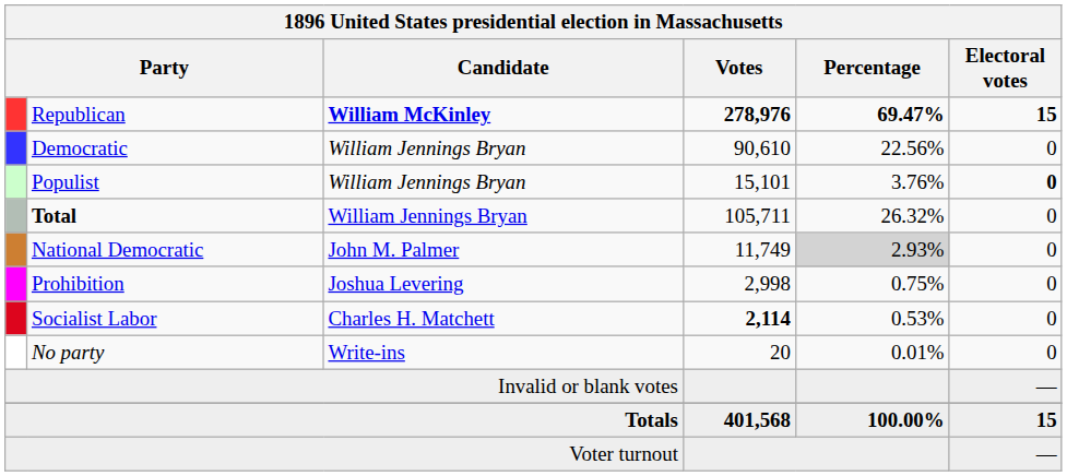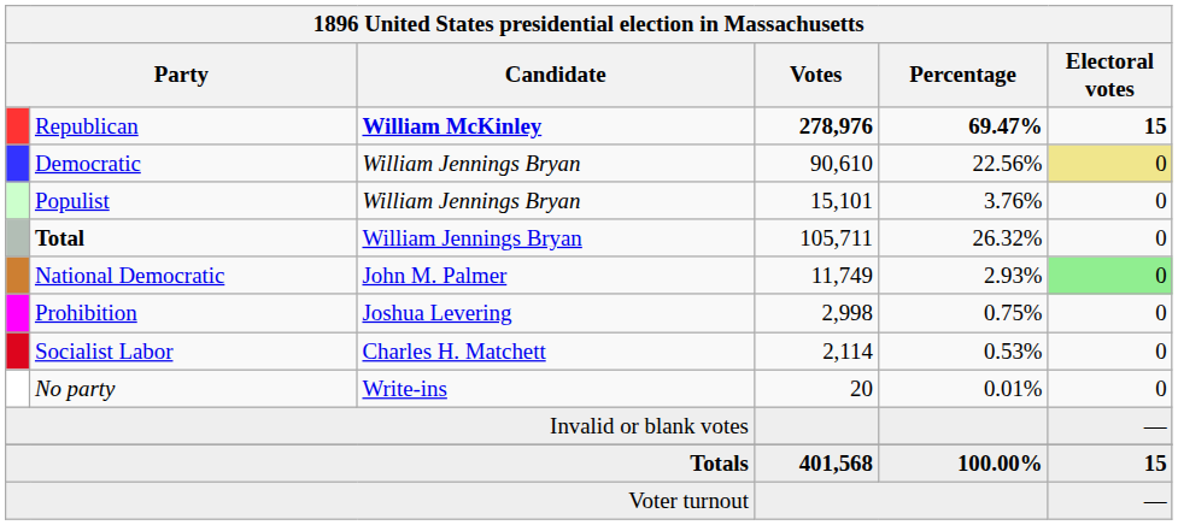 <table class="wikitable" style="font-size: 95%;">
 <tr>
 <th colspan="6">1896 United States presidential election in Massachusetts</th>
 </tr>
 <tr>
 <th colspan="2" style="width: 15em">Party</th>
 <th style="width: 17em">Candidate</th>
 <th style="width: 5em">Votes</th>
 <th style="width: 7em">Percentage</th>
 <th style="width: 5em">Electoral votes</th>
 </tr>
 <tr>
 <th style="background-color:#FF3333; width: 3px"></th>
 <td style="width: 130px"><a href='#'>Republican</a></td>
 <td><strong><a href='#'>William McKinley</a></strong></td>
 <td align="right"><strong>278,976</strong></td>
 <td align="right"><strong>69.47%</strong></td>
 <td align="right"><strong>15</strong></td>
 </tr>
 <tr>
 <th style="background-color:#3333FF; width: 3px"></th>
 <td style="width: 130px"><a href='#'>Democratic</a></td>
 <td><em>William Jennings Bryan</em></td>
 <td align="right">90,610</td>
 <td align="right">22.56%</td>
-<td align="right">0</td>
+<td align="right" style="background: khaki;">0</td>
 </tr>
 <tr>
 <th style="background-color:#CCFFCC; width: 3px"></th>
 <td style="width: 130px"><a href='#'>Populist</a></td>
 <td><em>William Jennings Bryan</em></td>
 <td align="right">15,101</td>
 <td align="right">3.76%</td>
-<td align="right"><strong>0</strong></td>
+<td align="right">0</td>
 </tr>
 <tr>
 <th style="background-color:#B2BEB5; width: 3px"></th>
 <td style="width: 130px"><strong> Total</strong></td>
 <td><a href='#'>William Jennings Bryan</a></td>
 <td align="right">105,711</td>
 <td align="right">26.32%</td>
 <td align="right">0</td>
 </tr>
 <tr>
 <th style="background-color:#CD7F32; width: 3px"></th>
 <td style="width: 130px"><a href='#'>National Democratic</a></td>
 <td><a href='#'>John M. Palmer</a></td>
 <td align="right">11,749</td>
-<td align="right" style="background: lightgrey;">2.93%</td>
-<td align="right">0</td>
+<td align="right">2.93%</td>
+<td align="right" style="background: lightgreen;">0</td>
 </tr>
 <tr>
 <th style="background-color:#FF00FF; width: 3px"></th>
 <td style="width: 130px"><a href='#'>Prohibition</a></td>
 <td><a href='#'>Joshua Levering</a></td>
 <td align="right">2,998</td>
 <td align="right">0.75%</td>
 <td align="right">0</td>
 </tr>
 <tr>
 <th style="background-color:#DD051D; width: 3px"></th>
 <td style="width: 130px"><a href='#'>Socialist Labor</a></td>
 <td><a href='#'>Charles H. Matchett</a></td>
-<td align="right"><strong>2,114</strong></td>
+<td align="right">2,114</td>
 <td align="right">0.53%</td>
 <td align="right">0</td>
 </tr>
 <tr>
 <th style="background-color:#FFFFFF; width: 3px"></th>
 <td style="width: 130px"><em>No party</em></td>
 <td><a href='#'>Write-ins</a></td>
 <td align="right">20</td>
 <td align="right">0.01%</td>
 <td align="right">0</td>
 </tr>
 <tr bgcolor="#EEEEEE">
 <td colspan="3" align="right">Invalid or blank votes</td>
 <td align="right"></td>
 <td align="right"></td>
 <td align="right">—</td>
 </tr>
 <tr bgcolor="#EEEEEE">
 </tr>
 <tr>
 </tr>
 <tr bgcolor="#EEEEEE">
 <td colspan="3" align="right"><strong>Totals</strong></td>
 <td align="right"><strong>401,568</strong></td>
 <td align="right"><strong>100.00%</strong></td>
 <td align="right"><strong>15</strong></td>
 </tr>
 <tr bgcolor="#EEEEEE">
 <td colspan="3" align="right">Voter turnout</td>
 <td colspan="2" align="right"></td>
 <td align="right">—</td>
 </tr>
 </table>
